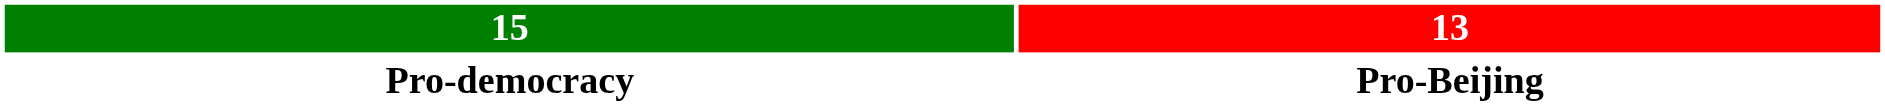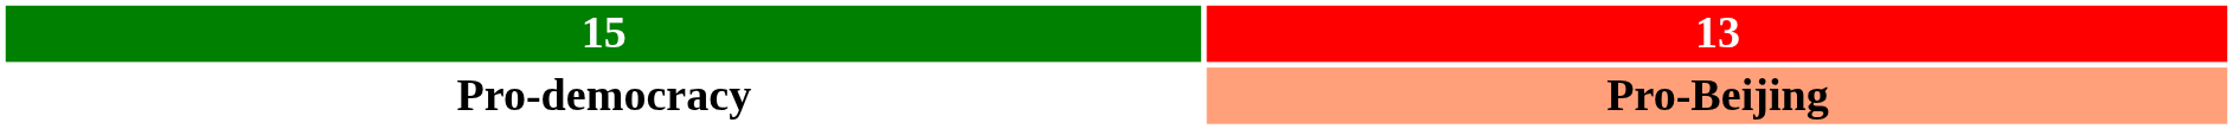 <table style="width:50%; text-align:center;">
 <tr style="color:white;">
 <td style="background:green; width:54%;"><strong>15</strong></td>
 <td style="background:red; width:46%;"><strong>13</strong></td>
 </tr>
 <tr>
 <td><span><strong>Pro-democracy</strong></span></td>
-<td><span><strong>Pro-Beijing</strong></span></td>
+<td style="background: lightsalmon;"><span><strong>Pro-Beijing</strong></span></td>
 </tr>
 </table>
